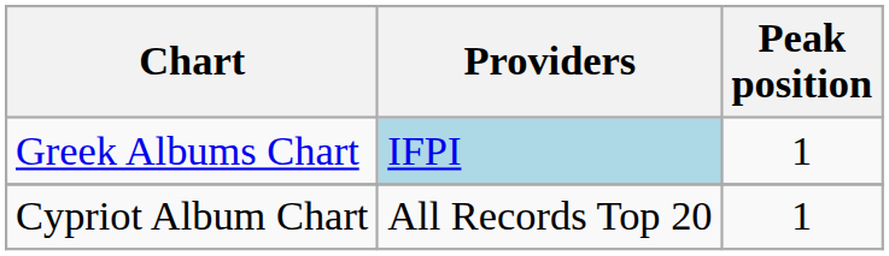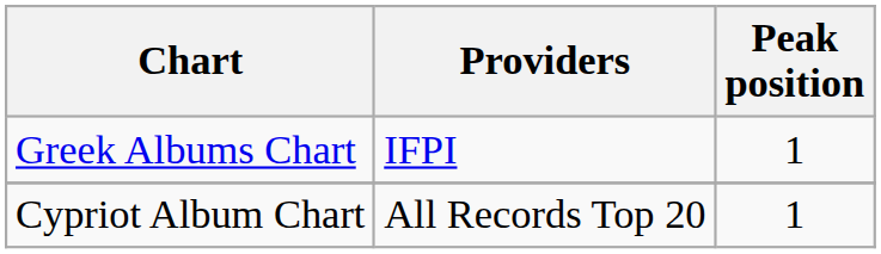 <table class="wikitable">
 <tr>
 <th align="left">Chart</th>
 <th align="left">Providers</th>
 <th align="left">Peak<br>position</th>
 </tr>
 <tr>
 <td align="left"><a href='#'>Greek Albums Chart</a></td>
-<td align="left" style="background: lightblue;"><a href='#'>IFPI</a></td>
+<td align="left"><a href='#'>IFPI</a></td>
 <td align="center">1</td>
 </tr>
 <tr>
 </tr>
 <tr>
 <td align="left">Cypriot Album Chart</td>
 <td align="left">All Records Top 20</td>
 <td align="center">1</td>
 </tr>
 </table>
